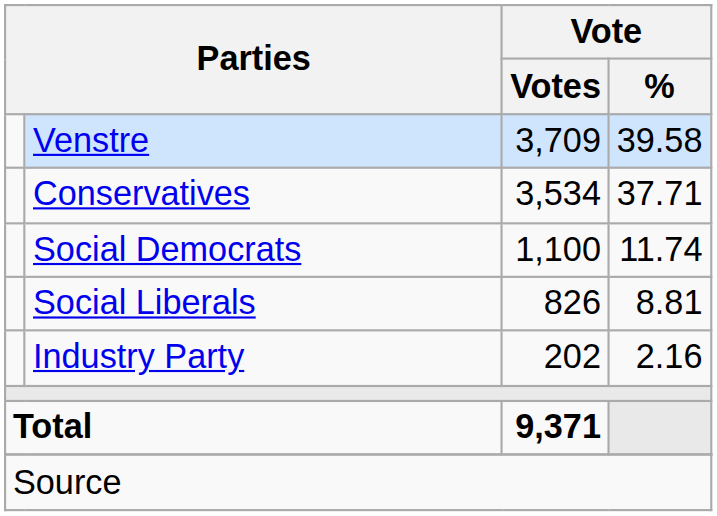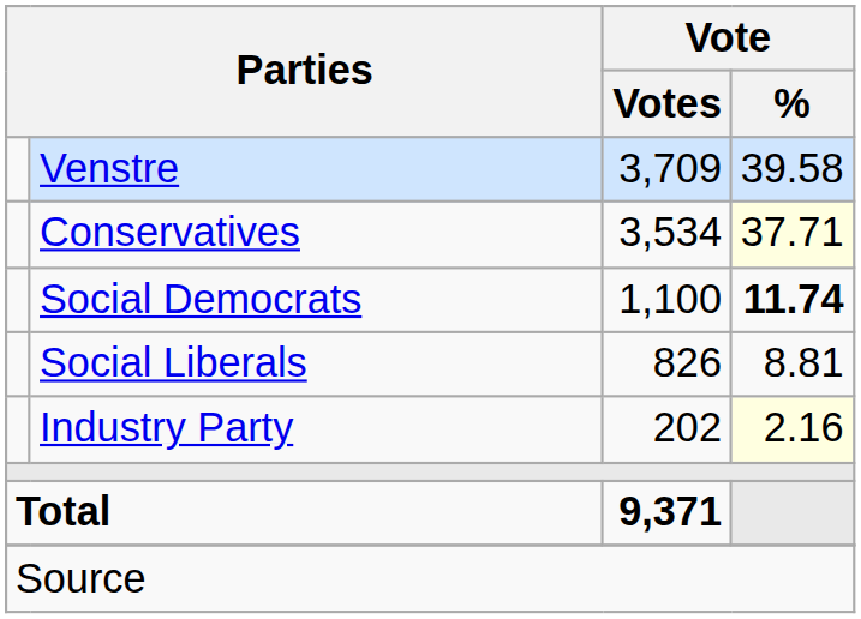 <table class="wikitable" style="text-align:right;">
 <tr>
 <th style="text-align:centre;" rowspan="2" colspan="2" width="225">Parties</th>
 <th colspan="3">Vote</th>
 </tr>
 <tr>
 <th width="15">Votes</th>
 <th width="15">%</th>
 </tr>
 <tr>
 <td width="2" style="color:inherit;background:"></td>
 <td bgcolor=#cfe5fe  align="left"><a href='#'>Venstre</a></td>
 <td bgcolor=#cfe5fe>3,709</td>
 <td bgcolor=#cfe5fe>39.58</td>
 </tr>
 <tr>
 <td width="2" style="color:inherit;background:"></td>
 <td align="left"><a href='#'>Conservatives</a></td>
 <td>3,534</td>
-<td>37.71</td>
+<td style="background: lightyellow;">37.71</td>
 </tr>
 <tr>
 <td width="2" style="color:inherit;background:"></td>
 <td align="left"><a href='#'>Social Democrats</a></td>
 <td>1,100</td>
-<td>11.74</td>
+<td><strong>11.74</strong></td>
 </tr>
 <tr>
 <td width="2" style="color:inherit;background:"></td>
 <td align="left"><a href='#'>Social Liberals</a></td>
 <td>826</td>
 <td>8.81</td>
 </tr>
 <tr>
 <td width="2" style="color:inherit;background:"></td>
 <td align="left"><a href='#'>Industry Party</a></td>
 <td>202</td>
-<td>2.16</td>
+<td style="background: lightyellow;">2.16</td>
 </tr>
 <tr>
 <td colspan="7" bgcolor="#E9E9E9"></td>
 </tr>
 <tr>
 <td align="left" colspan="2"><strong>Total</strong></td>
 <td><strong>9,371</strong></td>
 <td bgcolor="#E9E9E9" colspan="2"></td>
 </tr>
 <tr>
 </tr>
 <tr>
 <td align="left" colspan="6">Source</td>
 </tr>
 </table>
